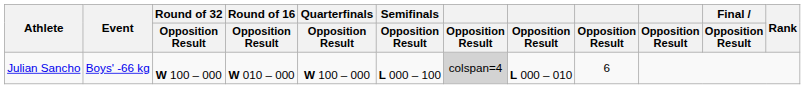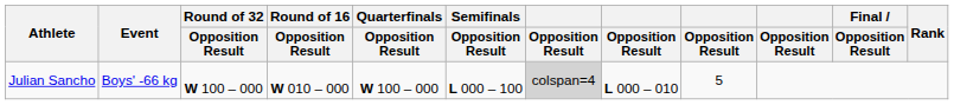 <table class="wikitable" style="font-size:90%">
 <tr>
 <th rowspan="2">Athlete</th>
 <th rowspan="2">Event</th>
 <th>Round of 32</th>
 <th>Round of 16</th>
 <th>Quarterfinals</th>
 <th>Semifinals</th>
 <th></th>
 <th></th>
 <th></th>
 <th></th>
 <th>Final / </th>
 <th rowspan=2>Rank</th>
 </tr>
 <tr style="font-size:95%">
 <th>Opposition<br>Result</th>
 <th>Opposition<br>Result</th>
 <th>Opposition<br>Result</th>
 <th>Opposition<br>Result</th>
 <th>Opposition<br>Result</th>
 <th>Opposition<br>Result</th>
 <th>Opposition<br>Result</th>
 <th>Opposition<br>Result</th>
 <th>Opposition<br>Result</th>
 </tr>
 <tr align=center>
 <td align=left><a href='#'>Julian Sancho</a></td>
 <td align=left><a href='#'>Boys' -66 kg</a></td>
 <td><br><strong>W</strong> 100 – 000</td>
 <td><br><strong>W</strong> 010 – 000</td>
 <td><br><strong>W</strong> 100 – 000</td>
 <td><br><strong>L</strong> 000 – 100</td>
 <td style="background: lightgrey;">colspan=4 </td>
 <td><br><strong>L</strong> 000 – 010</td>
-<td>6</td>
+<td>5</td>
 </tr>
 </table>
